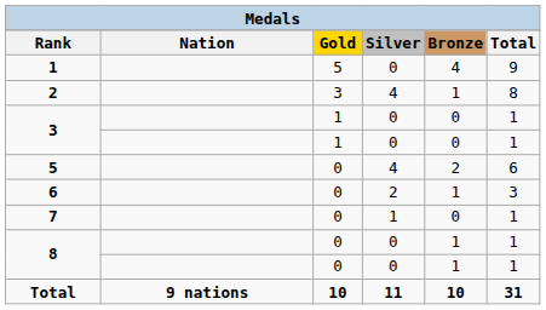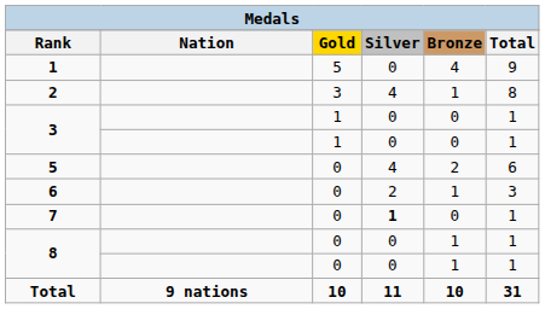 <table class="wikitable" style="text-align:center">
 <tr>
 <td colspan="6" style="background:#BCD4E6"><strong>Medals</strong></td>
 </tr>
 <tr>
 </tr>
 <tr style="background-color:#EDEDED;">
 <th width="75px" class="hintergrundfarbe5">Rank</th>
 <th width="175px" class="hintergrundfarbe6">Nation</th>
 <th style="background:    gold; width:35px ">Gold</th>
 <th style="background:  silver; width:35px ">Silver</th>
 <th style="background: #CC9966; width:35px ">Bronze</th>
 <th width="35px">Total</th>
 </tr>
 <tr>
 <td><strong>1</strong></td>
 <td align="left"></td>
 <td>5</td>
 <td>0</td>
 <td>4</td>
 <td>9</td>
 </tr>
 <tr>
 <td><strong>2</strong></td>
 <td align="left"></td>
 <td>3</td>
 <td>4</td>
 <td>1</td>
 <td>8</td>
 </tr>
 <tr>
 <td rowspan="2"><strong>3</strong></td>
 <td align="left"></td>
 <td>1</td>
 <td>0</td>
 <td>0</td>
 <td>1</td>
 </tr>
 <tr>
 <td align="left"></td>
 <td>1</td>
 <td>0</td>
 <td>0</td>
 <td>1</td>
 </tr>
 <tr>
 <td><strong>5</strong></td>
 <td align="left"></td>
 <td>0</td>
 <td>4</td>
 <td>2</td>
 <td>6</td>
 </tr>
 <tr>
 <td><strong>6</strong></td>
 <td align="left"></td>
 <td>0</td>
 <td>2</td>
 <td>1</td>
 <td>3</td>
 </tr>
 <tr>
 <td><strong>7</strong></td>
 <td align="left"></td>
 <td>0</td>
-<td>1</td>
+<td><strong>1</strong></td>
 <td>0</td>
 <td>1</td>
 </tr>
 <tr>
 <td rowspan="2"><strong>8</strong></td>
 <td align="left"></td>
 <td>0</td>
 <td>0</td>
 <td>1</td>
 <td>1</td>
 </tr>
 <tr>
 <td align="left"></td>
 <td>0</td>
 <td>0</td>
 <td>1</td>
 <td>1</td>
 </tr>
 <tr>
 <td><strong>Total</strong></td>
 <td><strong>9 nations</strong></td>
 <td><strong>10</strong></td>
 <td><strong>11</strong></td>
 <td><strong>10</strong></td>
 <td><strong>31</strong></td>
 </tr>
 </table>
